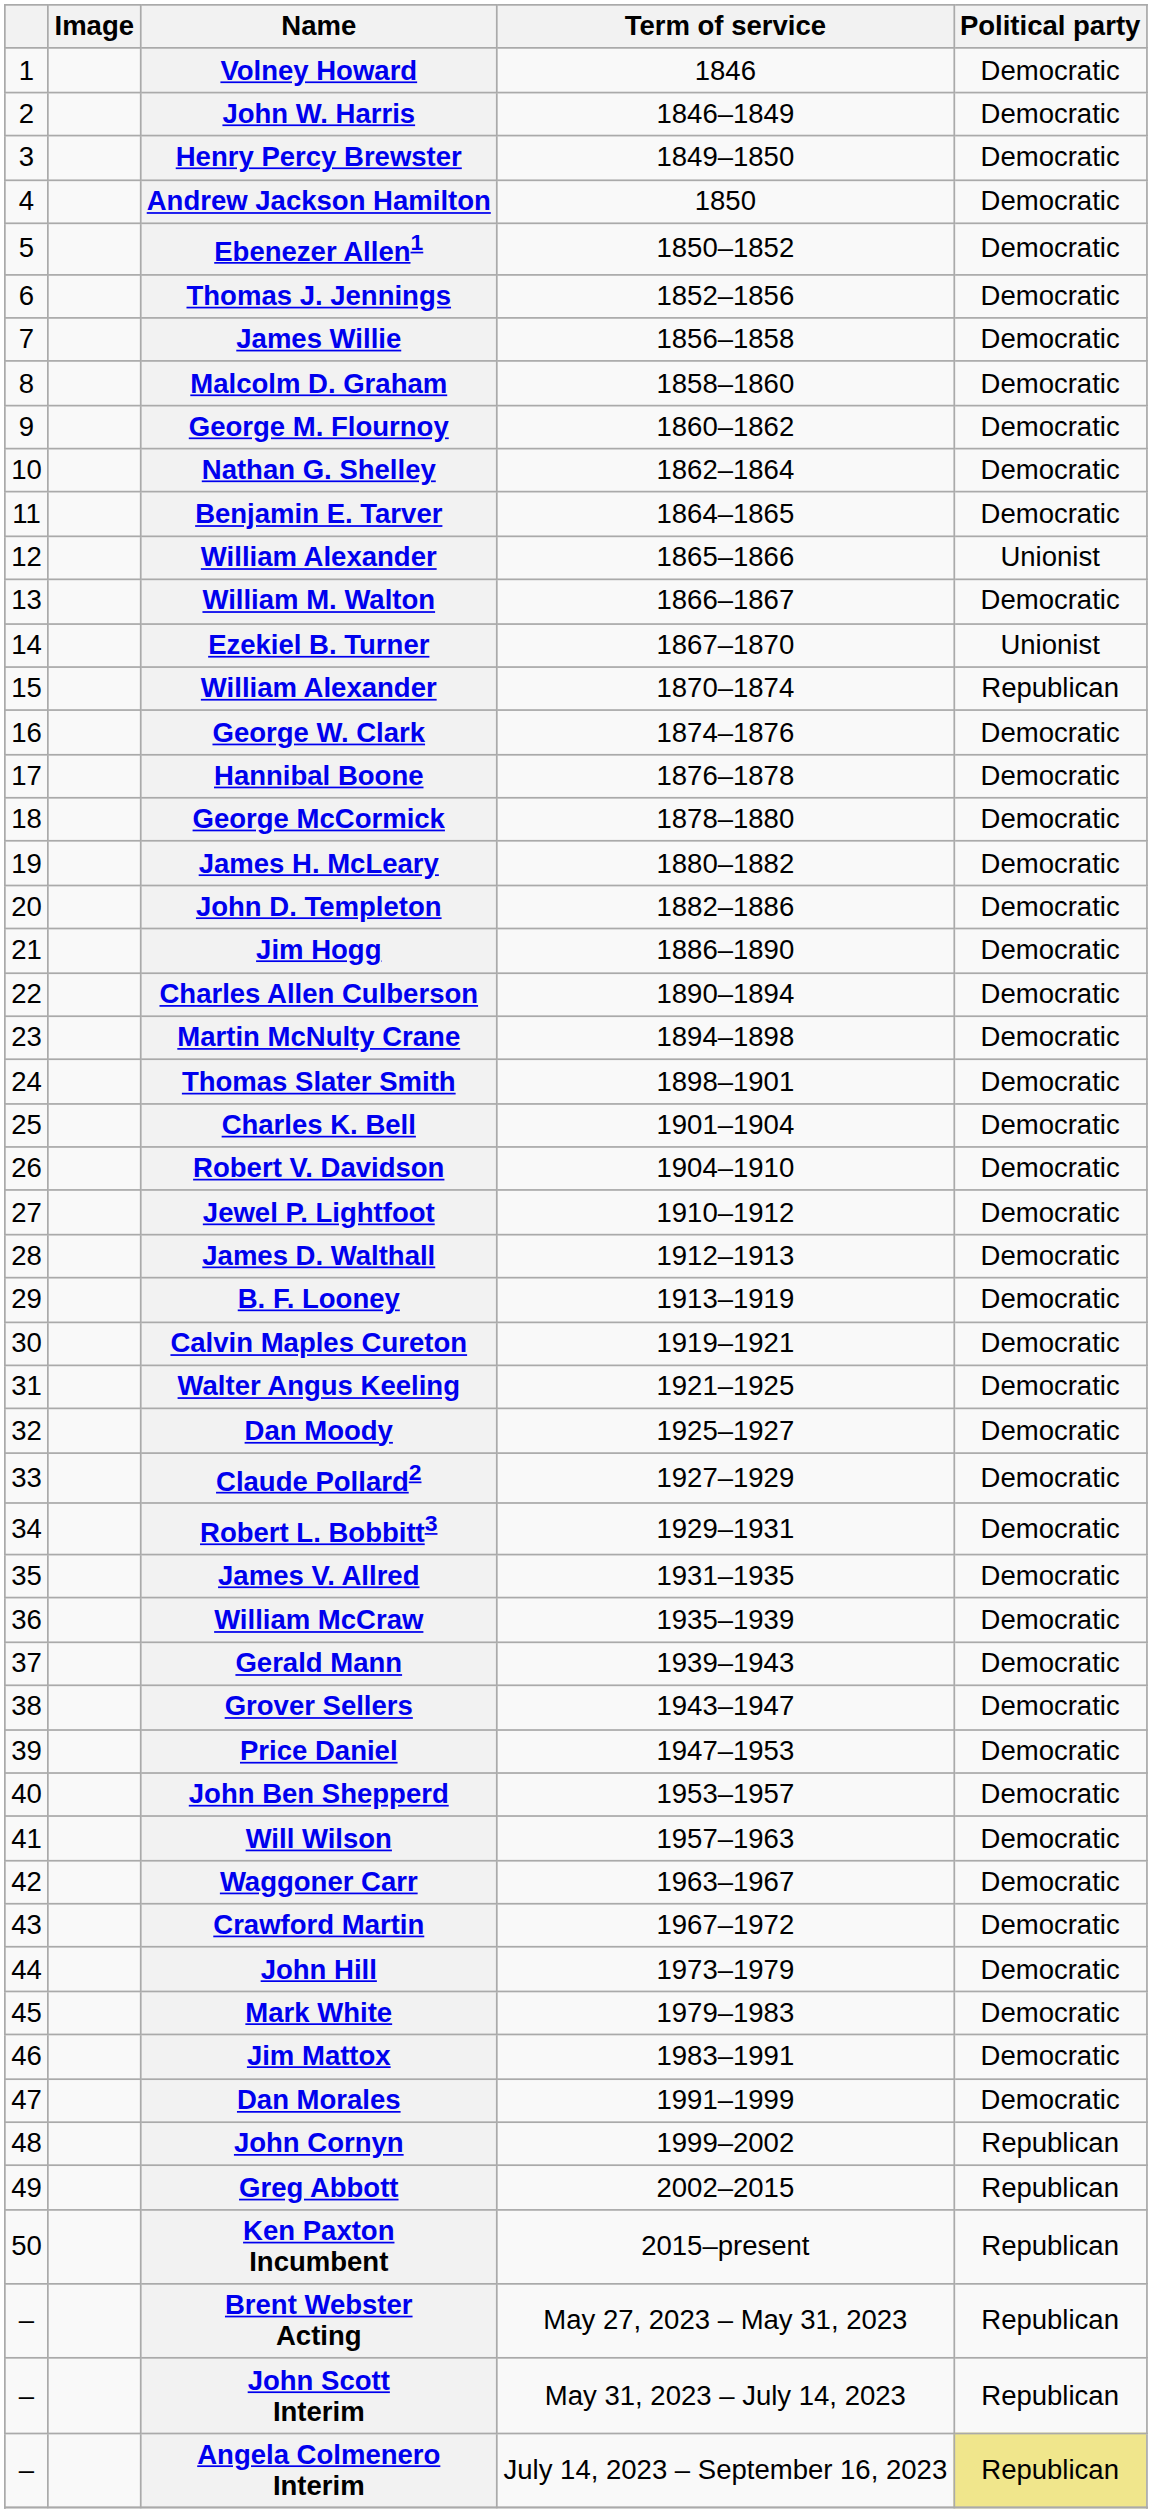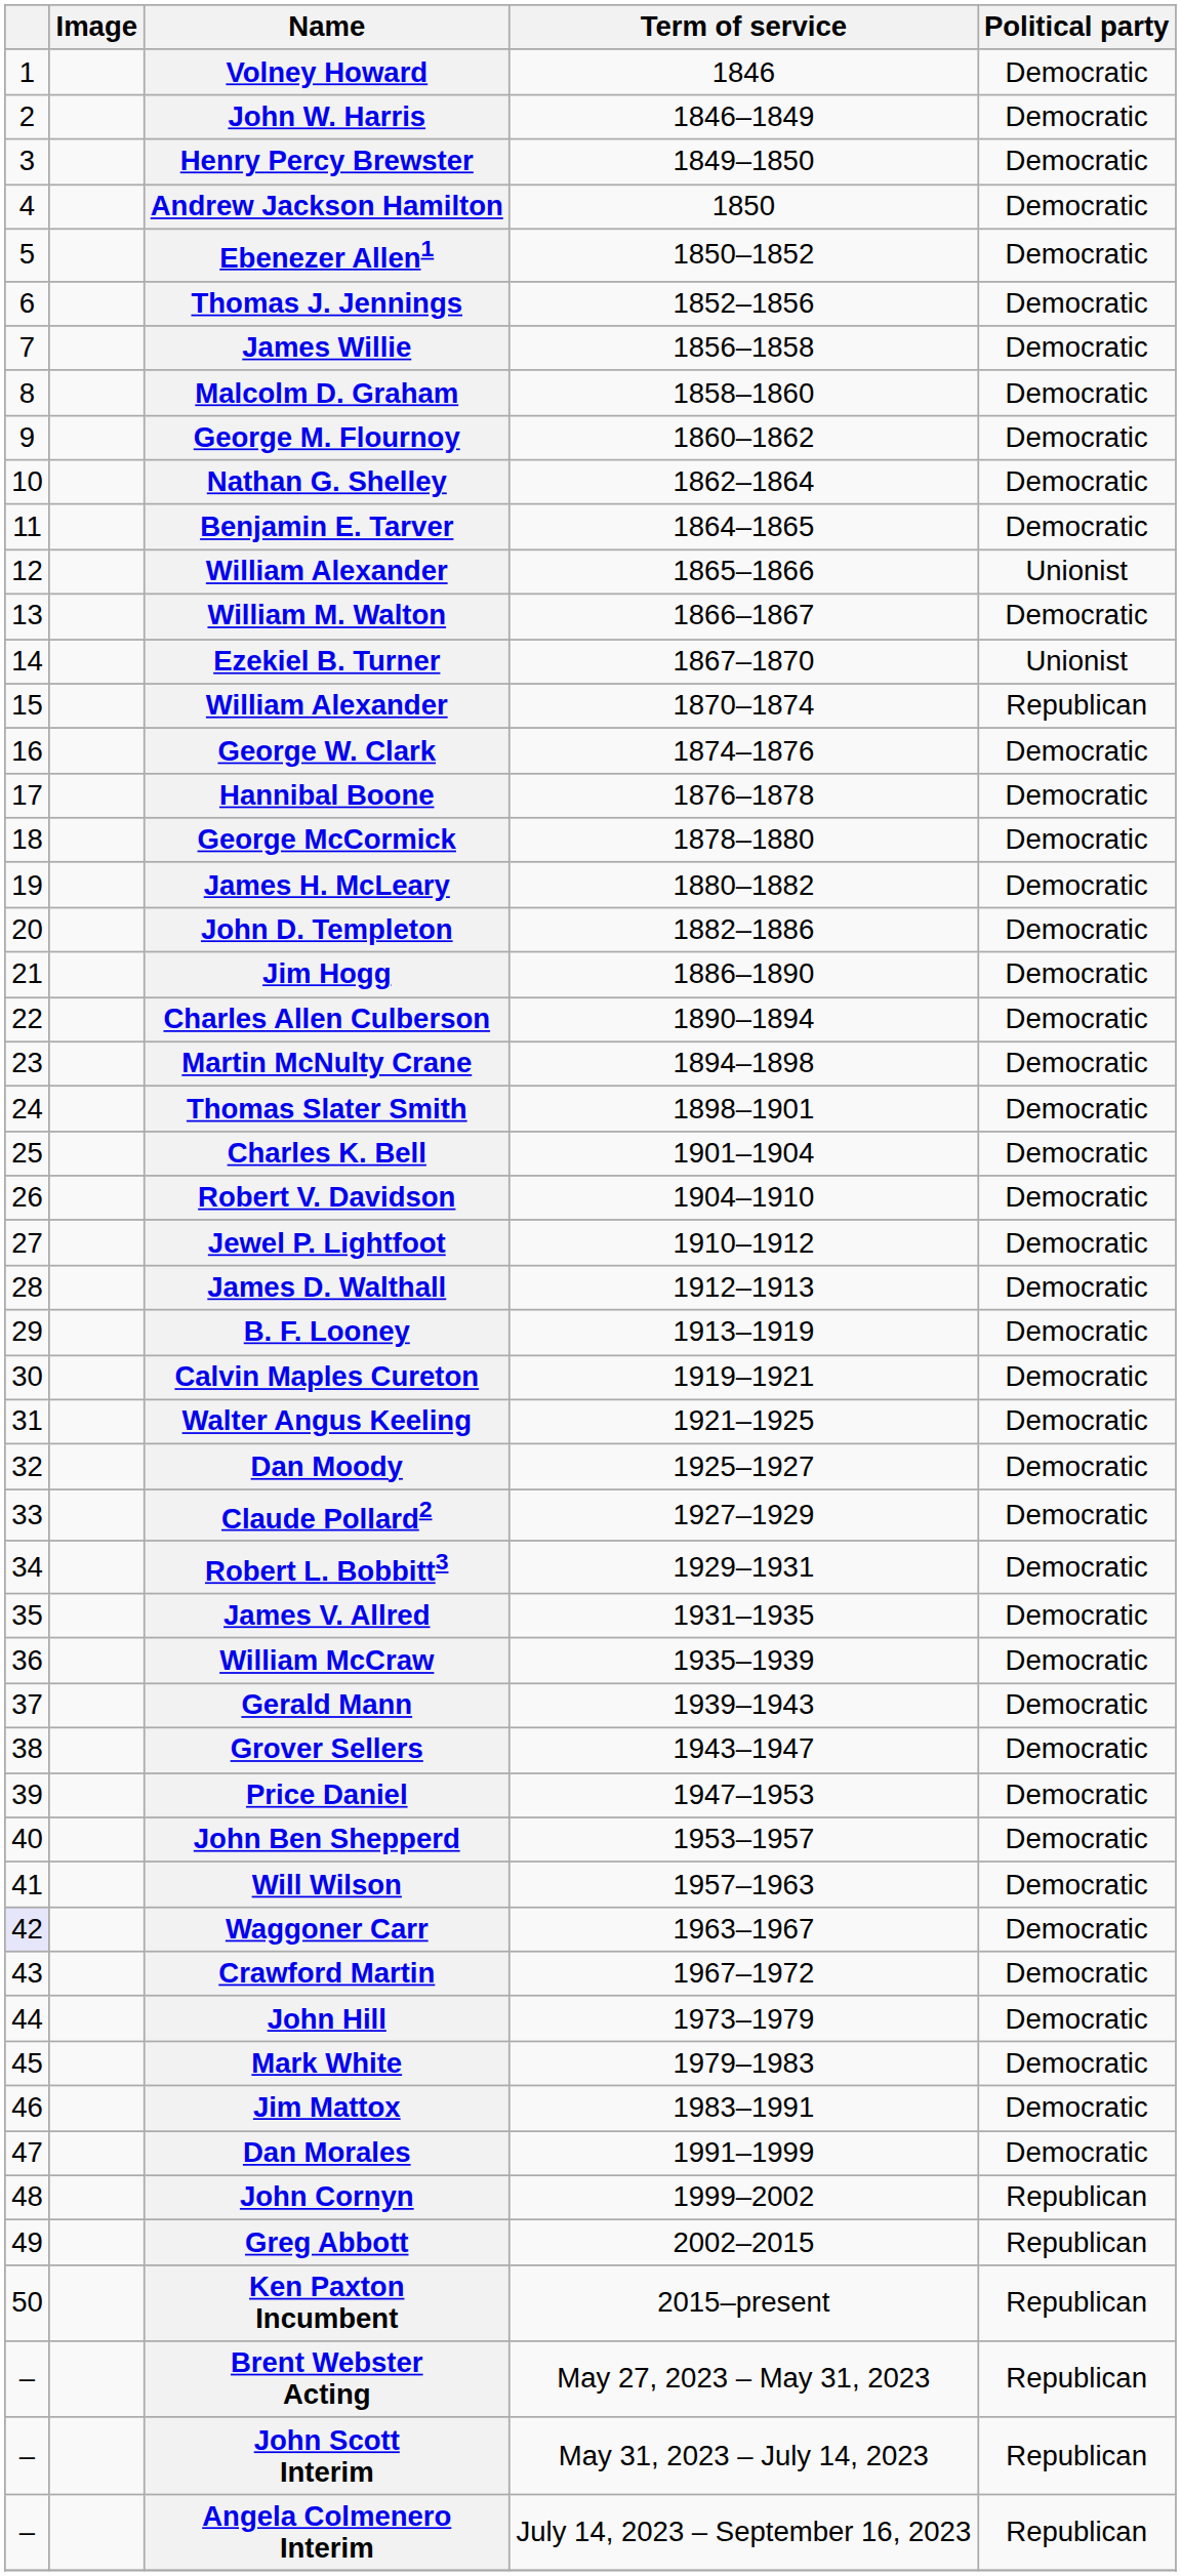 <table class="wikitable sortable" style="text-align:center;">
 <tr>
 <th scope="col"></th>
 <th scope="col">Image</th>
 <th scope="col">Name</th>
 <th scope="col">Term of service</th>
 <th scope="col">Political party</th>
 </tr>
 <tr>
 <td>1</td>
 <td></td>
 <th scope="row"><a href='#'>Volney Howard</a></th>
 <td>1846</td>
 <td>Democratic</td>
 </tr>
 <tr>
 <td>2</td>
 <td></td>
 <th scope="row"><a href='#'>John W. Harris</a></th>
 <td>1846–1849</td>
 <td>Democratic</td>
 </tr>
 <tr>
 <td>3</td>
 <td></td>
 <th scope="row"><a href='#'>Henry Percy Brewster</a></th>
 <td>1849–1850</td>
 <td>Democratic</td>
 </tr>
 <tr>
 <td>4</td>
 <td></td>
 <th scope="row"><a href='#'>Andrew Jackson Hamilton</a></th>
 <td>1850</td>
 <td>Democratic</td>
 </tr>
 <tr>
 <td>5</td>
 <td></td>
 <th scope="row"><a href='#'>Ebenezer Allen</a><sup><a href='#'>1</a></sup></th>
 <td>1850–1852</td>
 <td>Democratic</td>
 </tr>
 <tr>
 <td>6</td>
 <td></td>
 <th scope="row"><a href='#'>Thomas J. Jennings</a></th>
 <td>1852–1856</td>
 <td>Democratic</td>
 </tr>
 <tr>
 <td>7</td>
 <td></td>
 <th scope="row"><a href='#'>James Willie</a></th>
 <td>1856–1858</td>
 <td>Democratic</td>
 </tr>
 <tr>
 <td>8</td>
 <td></td>
 <th scope="row"><a href='#'>Malcolm D. Graham</a></th>
 <td>1858–1860</td>
 <td>Democratic</td>
 </tr>
 <tr>
 <td>9</td>
 <td></td>
 <th scope="row"><a href='#'>George M. Flournoy</a></th>
 <td>1860–1862</td>
 <td>Democratic</td>
 </tr>
 <tr>
 <td>10</td>
 <td></td>
 <th scope="row"><a href='#'>Nathan G. Shelley</a></th>
 <td>1862–1864</td>
 <td>Democratic</td>
 </tr>
 <tr>
 <td>11</td>
 <td></td>
 <th scope="row"><a href='#'>Benjamin E. Tarver</a></th>
 <td>1864–1865</td>
 <td>Democratic</td>
 </tr>
 <tr>
 <td>12</td>
 <td></td>
 <th scope="row"><a href='#'>William Alexander</a></th>
 <td>1865–1866</td>
 <td>Unionist</td>
 </tr>
 <tr>
 <td>13</td>
 <td></td>
 <th scope="row"><a href='#'>William M. Walton</a></th>
 <td>1866–1867</td>
 <td>Democratic</td>
 </tr>
 <tr>
 <td>14</td>
 <td></td>
 <th scope="row"><a href='#'>Ezekiel B. Turner</a></th>
 <td>1867–1870</td>
 <td>Unionist</td>
 </tr>
 <tr>
 <td>15</td>
 <td></td>
 <th scope="row"><a href='#'>William Alexander</a></th>
 <td>1870–1874</td>
 <td>Republican</td>
 </tr>
 <tr>
 <td>16</td>
 <td></td>
 <th scope="row"><a href='#'>George W. Clark</a></th>
 <td>1874–1876</td>
 <td>Democratic</td>
 </tr>
 <tr>
 <td>17</td>
 <td></td>
 <th scope="row"><a href='#'>Hannibal Boone</a></th>
 <td>1876–1878</td>
 <td>Democratic</td>
 </tr>
 <tr>
 <td>18</td>
 <td></td>
 <th scope="row"><a href='#'>George McCormick</a></th>
 <td>1878–1880</td>
 <td>Democratic</td>
 </tr>
 <tr>
 <td>19</td>
 <td></td>
 <th scope="row"><a href='#'>James H. McLeary</a></th>
 <td>1880–1882</td>
 <td>Democratic</td>
 </tr>
 <tr>
 <td>20</td>
 <td></td>
 <th scope="row"><a href='#'>John D. Templeton</a></th>
 <td>1882–1886</td>
 <td>Democratic</td>
 </tr>
 <tr>
 <td>21</td>
 <td></td>
 <th scope="row"><a href='#'>Jim Hogg</a></th>
 <td>1886–1890</td>
 <td>Democratic</td>
 </tr>
 <tr>
 <td>22</td>
 <td></td>
 <th scope="row"><a href='#'>Charles Allen Culberson</a></th>
 <td>1890–1894</td>
 <td>Democratic</td>
 </tr>
 <tr>
 <td>23</td>
 <td></td>
 <th scope="row"><a href='#'>Martin McNulty Crane</a></th>
 <td>1894–1898</td>
 <td>Democratic</td>
 </tr>
 <tr>
 <td>24</td>
 <td></td>
 <th scope="row"><a href='#'>Thomas Slater Smith</a></th>
 <td>1898–1901</td>
 <td>Democratic</td>
 </tr>
 <tr>
 <td>25</td>
 <td></td>
 <th scope="row"><a href='#'>Charles K. Bell</a></th>
 <td>1901–1904</td>
 <td>Democratic</td>
 </tr>
 <tr>
 <td>26</td>
 <td></td>
 <th scope="row"><a href='#'>Robert V. Davidson</a></th>
 <td>1904–1910</td>
 <td>Democratic</td>
 </tr>
 <tr>
 <td>27</td>
 <td></td>
 <th scope="row"><a href='#'>Jewel P. Lightfoot</a></th>
 <td>1910–1912</td>
 <td>Democratic</td>
 </tr>
 <tr>
 <td>28</td>
 <td></td>
 <th scope="row"><a href='#'>James D. Walthall</a></th>
 <td>1912–1913</td>
 <td>Democratic</td>
 </tr>
 <tr>
 <td>29</td>
 <td></td>
 <th scope="row"><a href='#'>B. F. Looney</a></th>
 <td>1913–1919</td>
 <td>Democratic</td>
 </tr>
 <tr>
 <td>30</td>
 <td></td>
 <th scope="row"><a href='#'>Calvin Maples Cureton</a></th>
 <td>1919–1921</td>
 <td>Democratic</td>
 </tr>
 <tr>
 <td>31</td>
 <td></td>
 <th scope="row"><a href='#'>Walter Angus Keeling</a></th>
 <td>1921–1925</td>
 <td>Democratic</td>
 </tr>
 <tr>
 <td>32</td>
 <td></td>
 <th scope="row"><a href='#'>Dan Moody</a></th>
 <td>1925–1927</td>
 <td>Democratic</td>
 </tr>
 <tr>
 <td>33</td>
 <td></td>
 <th scope="row"><a href='#'>Claude Pollard</a><sup><a href='#'>2</a></sup></th>
 <td>1927–1929</td>
 <td>Democratic</td>
 </tr>
 <tr>
 <td>34</td>
 <td></td>
 <th scope="row"><a href='#'>Robert L. Bobbitt</a><sup><a href='#'>3</a></sup></th>
 <td>1929–1931</td>
 <td>Democratic</td>
 </tr>
 <tr>
 <td>35</td>
 <td></td>
 <th scope="row"><a href='#'>James V. Allred</a></th>
 <td>1931–1935</td>
 <td>Democratic</td>
 </tr>
 <tr>
 <td>36</td>
 <td></td>
 <th scope="row"><a href='#'>William McCraw</a></th>
 <td>1935–1939</td>
 <td>Democratic</td>
 </tr>
 <tr>
 <td>37</td>
 <td></td>
 <th scope="row"><a href='#'>Gerald Mann</a></th>
 <td>1939–1943</td>
 <td>Democratic</td>
 </tr>
 <tr>
 <td>38</td>
 <td></td>
 <th scope="row"><a href='#'>Grover Sellers</a></th>
 <td>1943–1947</td>
 <td>Democratic</td>
 </tr>
 <tr>
 <td>39</td>
 <td></td>
 <th scope="row"><a href='#'>Price Daniel</a></th>
 <td>1947–1953</td>
 <td>Democratic</td>
 </tr>
 <tr>
 <td>40</td>
 <td></td>
 <th scope="row"><a href='#'>John Ben Shepperd</a></th>
 <td>1953–1957</td>
 <td>Democratic</td>
 </tr>
 <tr>
 <td>41</td>
 <td></td>
 <th scope="row"><a href='#'>Will Wilson</a></th>
 <td>1957–1963</td>
 <td>Democratic</td>
 </tr>
 <tr>
-<td>42</td>
+<td style="background: lavender;">42</td>
 <td></td>
 <th scope="row"><a href='#'>Waggoner Carr</a></th>
 <td>1963–1967</td>
 <td>Democratic</td>
 </tr>
 <tr>
 <td>43</td>
 <td></td>
 <th scope="row"><a href='#'>Crawford Martin</a></th>
 <td>1967–1972</td>
 <td>Democratic</td>
 </tr>
 <tr>
 <td>44</td>
 <td></td>
 <th scope="row"><a href='#'>John Hill</a></th>
 <td>1973–1979</td>
 <td>Democratic</td>
 </tr>
 <tr>
 <td>45</td>
 <td></td>
 <th scope="row"><a href='#'>Mark White</a></th>
 <td>1979–1983</td>
 <td>Democratic</td>
 </tr>
 <tr>
 <td>46</td>
 <td></td>
 <th scope="row"><a href='#'>Jim Mattox</a></th>
 <td>1983–1991</td>
 <td>Democratic</td>
 </tr>
 <tr>
 <td>47</td>
 <td></td>
 <th scope="row"><a href='#'>Dan Morales</a></th>
 <td>1991–1999</td>
 <td>Democratic</td>
 </tr>
 <tr>
 <td>48</td>
 <td></td>
 <th scope="row"><a href='#'>John Cornyn</a></th>
 <td>1999–2002</td>
 <td>Republican</td>
 </tr>
 <tr>
 <td>49</td>
 <td></td>
 <th scope="row"><a href='#'>Greg Abbott</a></th>
 <td>2002–2015</td>
 <td>Republican</td>
 </tr>
 <tr>
 <td>50</td>
 <td></td>
 <th scope="row"><a href='#'>Ken Paxton</a><br>Incumbent</th>
 <td>2015–present<br></td>
 <td>Republican</td>
 </tr>
 <tr>
 <td>–</td>
 <td></td>
 <th scope="row"><a href='#'>Brent Webster</a><br>Acting</th>
 <td>May 27, 2023 – May 31, 2023<br></td>
 <td>Republican</td>
 </tr>
 <tr>
 <td>–</td>
 <td></td>
 <th scope="row"><a href='#'>John Scott</a><br>Interim</th>
 <td>May 31, 2023 – July 14, 2023<br></td>
 <td>Republican</td>
 </tr>
 <tr>
 <td>–</td>
 <td></td>
 <th scope="row"><a href='#'>Angela Colmenero</a><br>Interim</th>
 <td>July 14, 2023 – September 16, 2023<br></td>
-<td style="background: khaki;">Republican</td>
+<td>Republican</td>
 </tr>
 <tr>
 </tr>
 <tr>
 </tr>
 </table>
